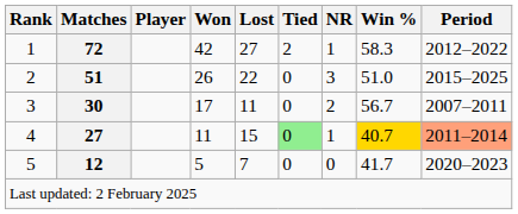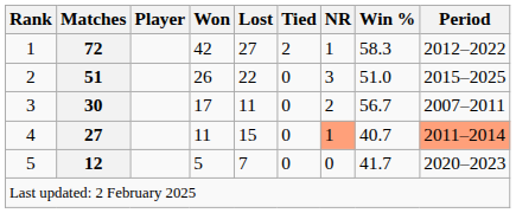 <table class="wikitable plainrowheaders sortable">
 <tr>
 <th scope=col>Rank</th>
 <th scope=col>Matches</th>
 <th scope=col>Player</th>
 <th>Won</th>
 <th>Lost</th>
 <th>Tied</th>
 <th>NR</th>
 <th>Win %</th>
 <th>Period</th>
 </tr>
 <tr>
 <td align=center>1</td>
 <th scope=row style=text-align:center;>72</th>
 <td></td>
 <td>42</td>
 <td>27</td>
 <td>2</td>
 <td>1</td>
 <td>58.3</td>
 <td>2012–2022</td>
 </tr>
 <tr>
 <td align=center>2</td>
 <th scope=row style=text-align:center;>51</th>
 <td></td>
 <td>26</td>
 <td>22</td>
 <td>0</td>
 <td>3</td>
 <td>51.0</td>
 <td>2015–2025</td>
 </tr>
 <tr>
 <td align=center>3</td>
 <th scope=row style=text-align:center;>30</th>
 <td></td>
 <td>17</td>
 <td>11</td>
 <td>0</td>
 <td>2</td>
 <td>56.7</td>
 <td>2007–2011</td>
 </tr>
 <tr>
 <td align=center>4</td>
 <th scope=row style=text-align:center;>27</th>
 <td></td>
 <td>11</td>
 <td>15</td>
-<td style="background: lightgreen;">0</td>
-<td>1</td>
-<td style="background: gold;">40.7</td>
+<td>0</td>
+<td style="background: lightsalmon;">1</td>
+<td>40.7</td>
 <td style="background: lightsalmon;">2011–2014</td>
 </tr>
 <tr>
 <td align=center>5</td>
 <th scope=row style=text-align:center;>12</th>
 <td></td>
 <td>5</td>
 <td>7</td>
 <td>0</td>
 <td>0</td>
 <td>41.7</td>
 <td>2020–2023</td>
 </tr>
 <tr class=sortbottom>
 <td colspan=9><small>Last updated: 2 February 2025</small></td>
 </tr>
 </table>
